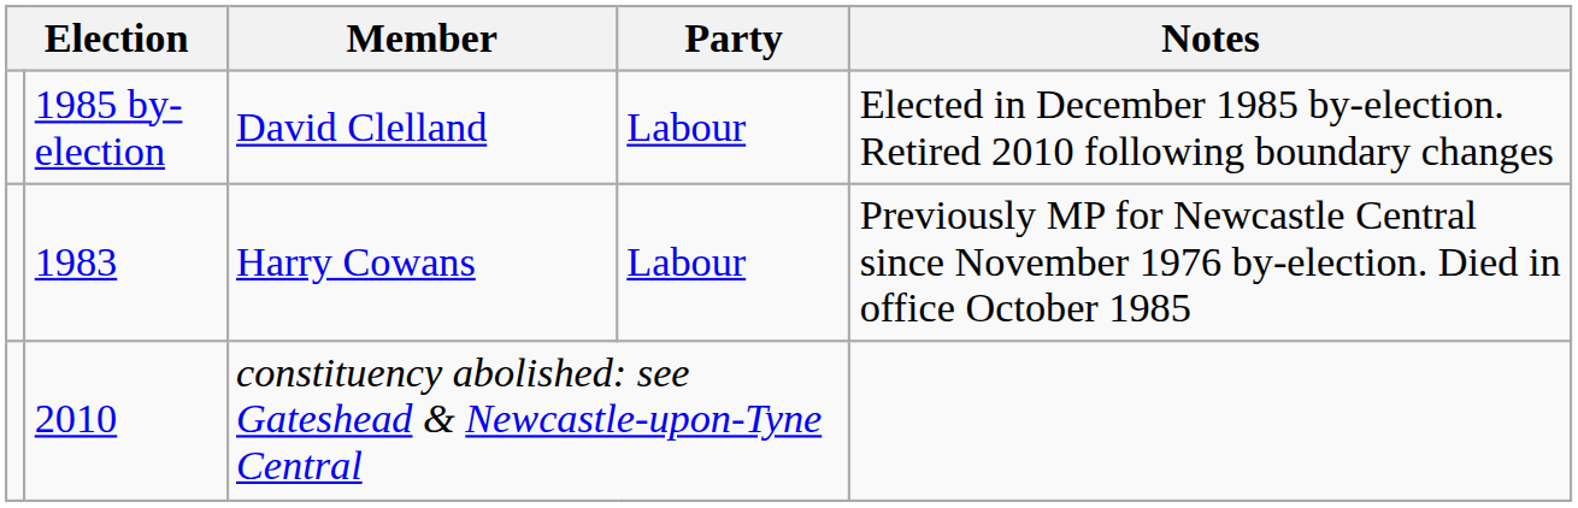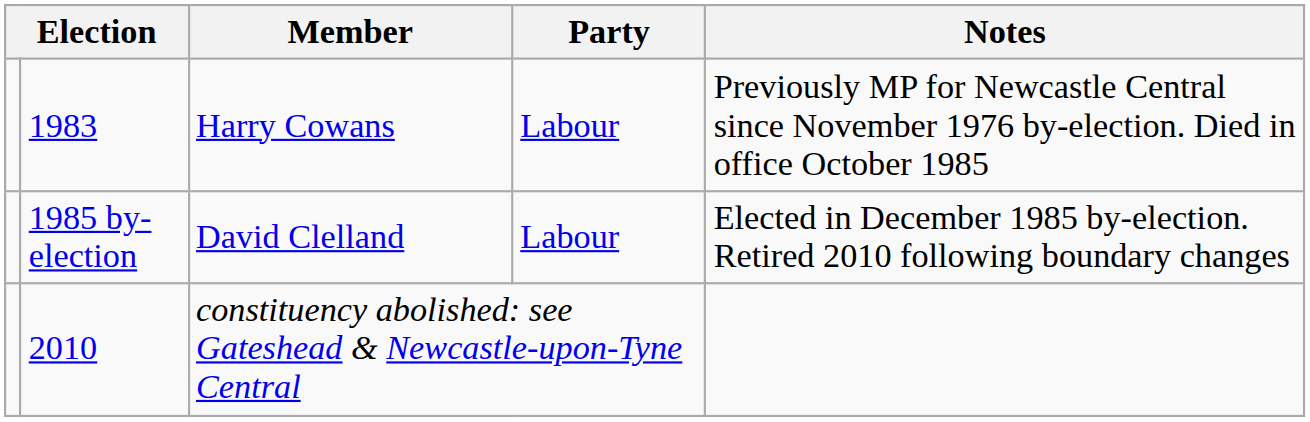 <table class="wikitable">
 <tr>
 <th colspan="2">Election</th>
 <th>Member</th>
 <th>Party</th>
 <th>Notes</th>
 </tr>
 <tr>
 <td style="color:inherit;background-color: "></td>
+<td><a href='#'>1983</a></td>
+<td><a href='#'>Harry Cowans</a></td>
+<td><a href='#'>Labour</a></td>
+<td>Previously MP for Newcastle Central since November 1976 by-election.  Died in office October 1985</td>
+</tr>
+<tr>
+<td style="color:inherit;background-color: "></td>
 <td><a href='#'>1985 by-election</a></td>
 <td><a href='#'>David Clelland</a></td>
 <td><a href='#'>Labour</a></td>
 <td>Elected in December 1985 by-election.  Retired 2010 following boundary changes</td>
-</tr>
-<tr>
-<td style="color:inherit;background-color: "></td>
-<td><a href='#'>1983</a></td>
-<td><a href='#'>Harry Cowans</a></td>
-<td><a href='#'>Labour</a></td>
-<td>Previously MP for Newcastle Central since November 1976 by-election.  Died in office October 1985</td>
 </tr>
 <tr>
 <td></td>
 <td><a href='#'>2010</a></td>
 <td colspan="2"><em>constituency abolished: see <a href='#'>Gateshead</a> & <a href='#'>Newcastle-upon-Tyne Central</a></em></td>
 </tr>
 </table>
